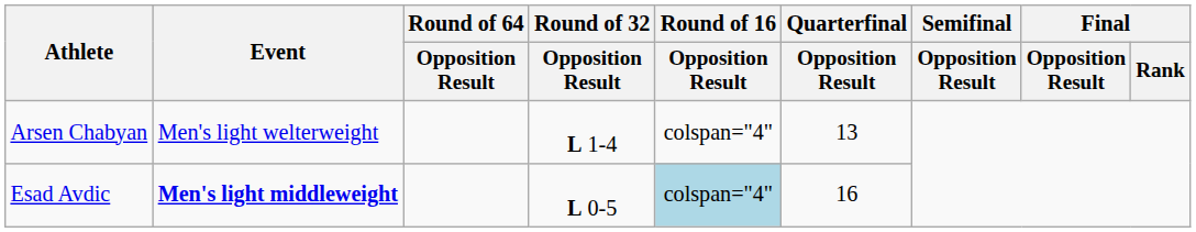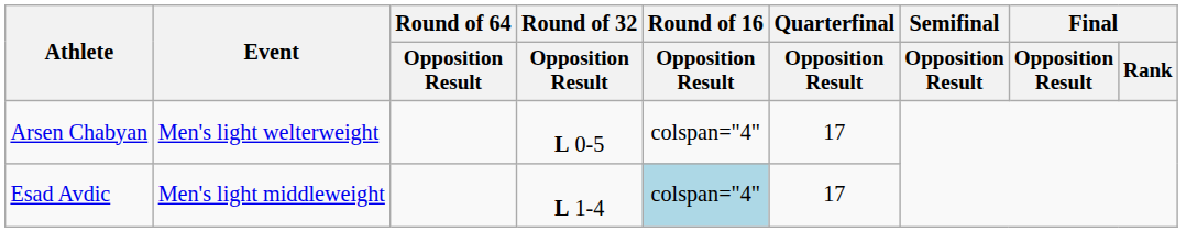 <table class="wikitable" style="text-align:center; font-size:90%">
 <tr>
 <th rowspan="2">Athlete</th>
 <th rowspan="2">Event</th>
 <th>Round of 64</th>
 <th>Round of 32</th>
 <th>Round of 16</th>
 <th>Quarterfinal</th>
 <th>Semifinal</th>
 <th colspan="2">Final</th>
 </tr>
 <tr style="font-size:95%">
 <th>Opposition<br>Result</th>
 <th>Opposition<br>Result</th>
 <th>Opposition<br>Result</th>
 <th>Opposition<br>Result</th>
 <th>Opposition<br>Result</th>
 <th>Opposition<br>Result</th>
 <th>Rank</th>
 </tr>
 <tr>
 <td align="left"><a href='#'>Arsen Chabyan</a></td>
 <td align="left"><a href='#'>Men's light welterweight</a></td>
 <td></td>
-<td><br><strong>L</strong> 1-4</td>
+<td><br><strong>L</strong> 0-5</td>
 <td>colspan="4" </td>
-<td>13</td>
+<td>17</td>
 </tr>
 <tr>
 <td align="left"><a href='#'>Esad Avdic</a></td>
-<td align="left"><strong><a href='#'>Men's light middleweight</a></strong></td>
+<td align="left"><a href='#'>Men's light middleweight</a></td>
 <td></td>
-<td><br><strong>L</strong> 0-5</td>
+<td><br><strong>L</strong> 1-4</td>
 <td style="background: lightblue;">colspan="4" </td>
-<td>16</td>
+<td>17</td>
 </tr>
 </table>
